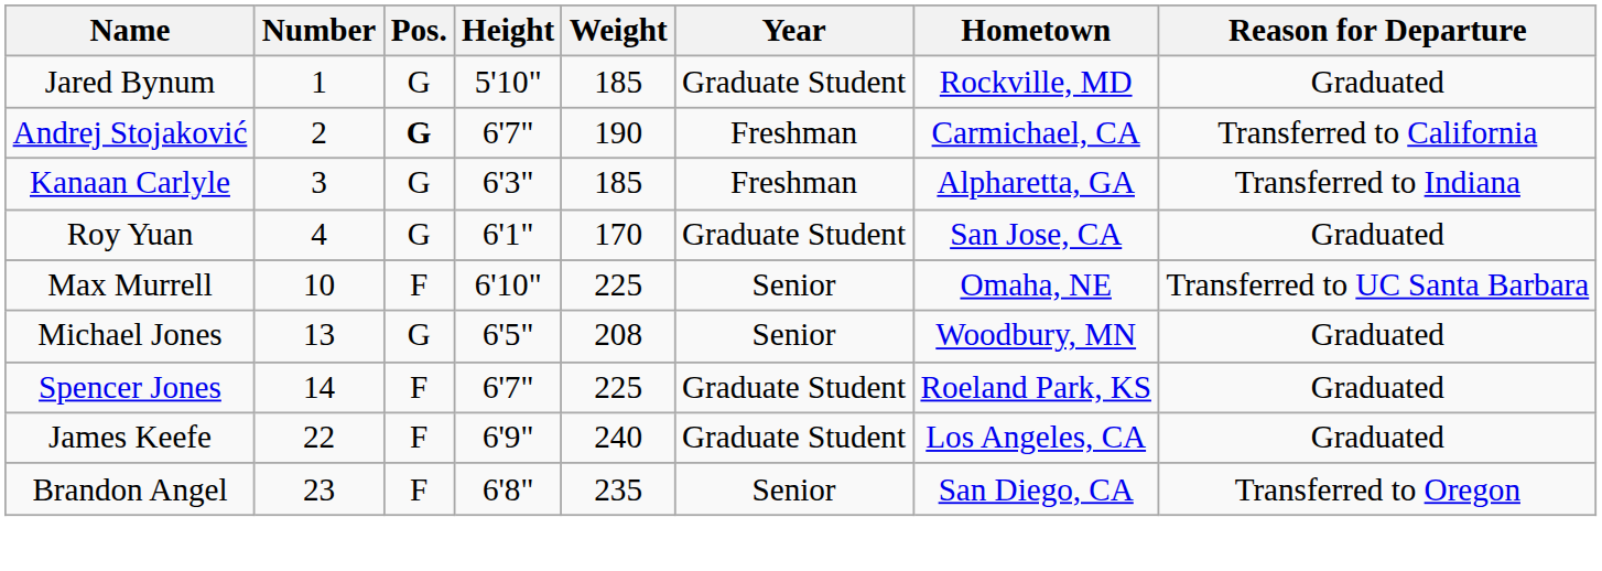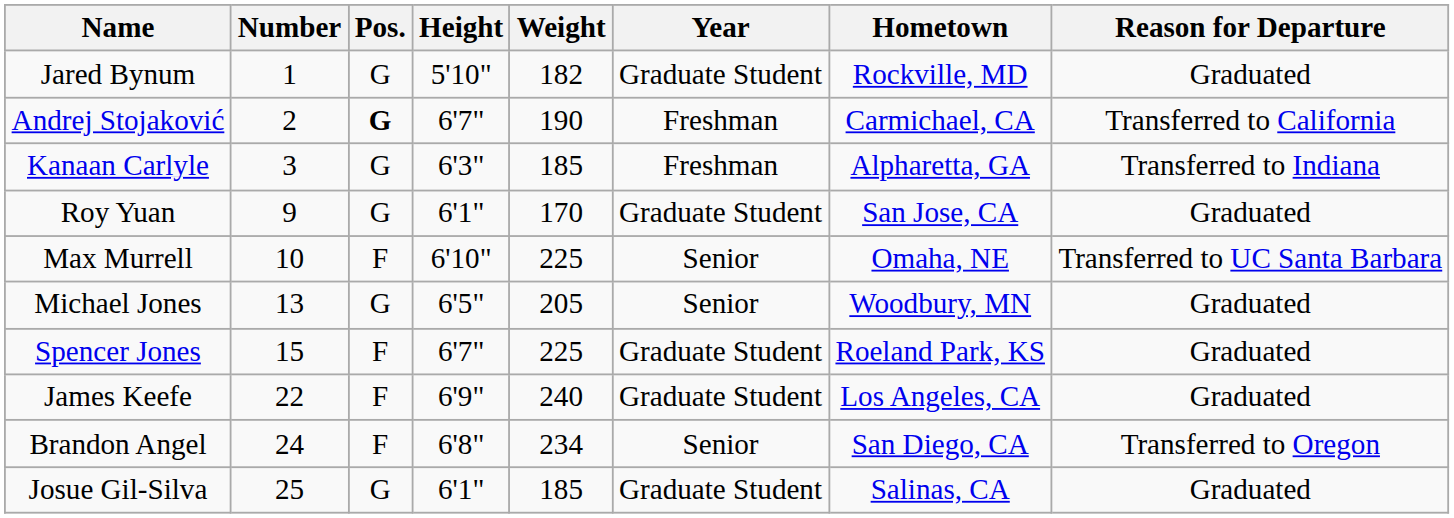 <table class="wikitable sortable" style="text-align: center">
 <tr align=center>
 <th>Name</th>
 <th>Number</th>
 <th>Pos.</th>
 <th>Height</th>
 <th>Weight</th>
 <th>Year</th>
 <th>Hometown</th>
 <th>Reason for Departure</th>
 </tr>
 <tr>
 <td>Jared Bynum</td>
 <td>1</td>
 <td>G</td>
 <td>5'10"</td>
-<td>185</td>
+<td>182</td>
 <td>Graduate Student</td>
 <td><a href='#'>Rockville, MD</a></td>
 <td>Graduated</td>
 </tr>
 <tr>
 <td><a href='#'>Andrej Stojaković</a></td>
 <td>2</td>
 <td><strong>G</strong></td>
 <td>6'7"</td>
 <td>190</td>
 <td>Freshman</td>
 <td><a href='#'>Carmichael, CA</a></td>
 <td>Transferred to <a href='#'>California</a></td>
 </tr>
 <tr>
 <td><a href='#'>Kanaan Carlyle</a></td>
 <td>3</td>
 <td>G</td>
 <td>6'3"</td>
 <td>185</td>
 <td>Freshman</td>
 <td><a href='#'>Alpharetta, GA</a></td>
 <td>Transferred to <a href='#'>Indiana</a></td>
 </tr>
 <tr>
 <td>Roy Yuan</td>
-<td>4</td>
+<td>9</td>
 <td>G</td>
 <td>6'1"</td>
 <td>170</td>
 <td>Graduate Student</td>
 <td><a href='#'>San Jose, CA</a></td>
 <td>Graduated</td>
 </tr>
 <tr>
 <td>Max Murrell</td>
 <td>10</td>
 <td>F</td>
 <td>6'10"</td>
 <td>225</td>
 <td>Senior</td>
 <td><a href='#'>Omaha, NE</a></td>
 <td>Transferred to <a href='#'>UC Santa Barbara</a></td>
 </tr>
 <tr>
 <td>Michael Jones</td>
 <td>13</td>
 <td>G</td>
 <td>6'5"</td>
-<td>208</td>
+<td>205</td>
 <td>Senior</td>
 <td><a href='#'>Woodbury, MN</a></td>
 <td>Graduated</td>
 </tr>
 <tr>
 <td><a href='#'>Spencer Jones</a></td>
-<td>14</td>
+<td>15</td>
 <td>F</td>
 <td>6'7"</td>
 <td>225</td>
 <td>Graduate Student</td>
 <td><a href='#'>Roeland Park, KS</a></td>
 <td>Graduated</td>
 </tr>
 <tr>
 <td>James Keefe</td>
 <td>22</td>
 <td>F</td>
 <td>6'9"</td>
 <td>240</td>
 <td>Graduate Student</td>
 <td><a href='#'>Los Angeles, CA</a></td>
 <td>Graduated</td>
 </tr>
 <tr>
 <td>Brandon Angel</td>
-<td>23</td>
+<td>24</td>
 <td>F</td>
 <td>6'8"</td>
-<td>235</td>
+<td>234</td>
 <td>Senior</td>
 <td><a href='#'>San Diego, CA</a></td>
 <td>Transferred to <a href='#'>Oregon</a></td>
 </tr>
+<tr>
+<td>Josue Gil-Silva</td>
+<td>25</td>
+<td>G</td>
+<td>6'1"</td>
+<td>185</td>
+<td>Graduate Student</td>
+<td><a href='#'>Salinas, CA</a></td>
+<td>Graduated</td>
+</tr>
 </table>
